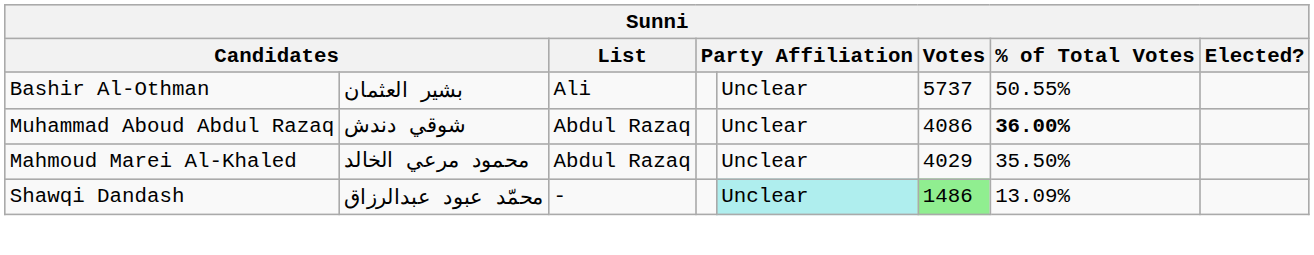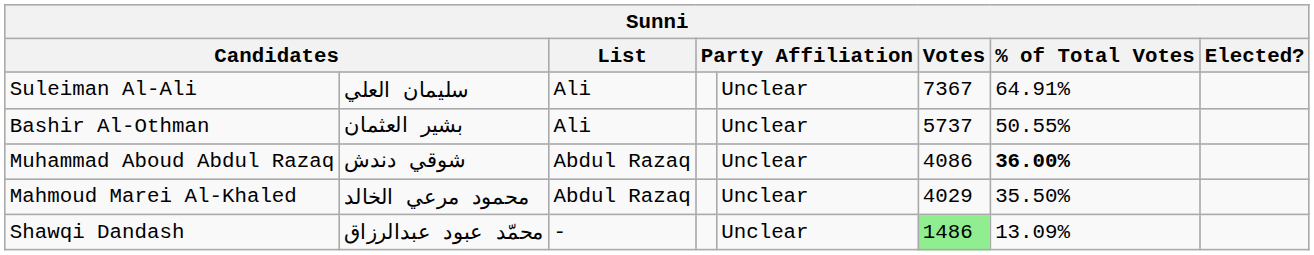 <table class="wikitable sortable">
 <tr>
 <th colspan="8">Sunni</th>
 </tr>
 <tr>
 <th colspan="2">Candidates</th>
 <th>List</th>
 <th colspan="2">Party Affiliation</th>
 <th>Votes</th>
 <th>% of Total Votes</th>
 <th>Elected?</th>
+</tr>
+<tr>
+<td>Suleiman Al-Ali</td>
+<td>سليمان العلي</td>
+<td>Ali</td>
+<td style="background: "></td>
+<td>Unclear</td>
+<td>7367</td>
+<td>64.91%</td>
+<td></td>
 </tr>
 <tr>
 <td>Bashir Al-Othman</td>
 <td>بشير العثمان</td>
 <td>Ali</td>
 <td style="background: "></td>
 <td>Unclear</td>
 <td>5737</td>
 <td>50.55%</td>
 <td></td>
 </tr>
 <tr>
 <td>Muhammad Aboud Abdul Razaq</td>
 <td>شوقي دندش</td>
 <td>Abdul Razaq</td>
 <td style="background: "></td>
 <td>Unclear</td>
 <td>4086</td>
 <td><strong>36.00%</strong></td>
 <td></td>
 </tr>
 <tr>
 <td>Mahmoud Marei Al-Khaled</td>
 <td>محمود مرعي الخالد</td>
 <td>Abdul Razaq</td>
 <td style="background: "></td>
 <td>Unclear</td>
 <td>4029</td>
 <td>35.50%</td>
 <td></td>
 </tr>
 <tr>
 <td>Shawqi Dandash</td>
 <td>محمّد عبود عبدالرزاق</td>
 <td>-</td>
 <td style="background: "></td>
-<td style="background: paleturquoise;">Unclear</td>
+<td>Unclear</td>
 <td style="background: lightgreen;">1486</td>
 <td>13.09%</td>
 <td></td>
 </tr>
 </table>
